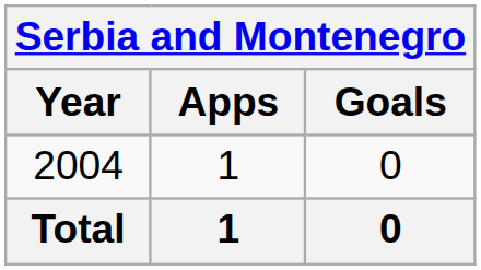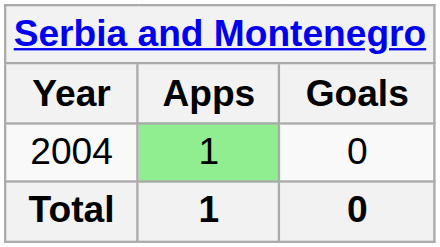 <table class="wikitable" style="text-align:center">
 <tr>
 <th colspan=3><a href='#'>Serbia and Montenegro</a></th>
 </tr>
 <tr>
 <th>Year</th>
 <th>Apps</th>
 <th>Goals</th>
 </tr>
 <tr>
 <td>2004</td>
-<td>1</td>
+<td style="background: lightgreen;">1</td>
 <td>0</td>
 </tr>
 <tr>
 <th>Total</th>
 <th>1</th>
 <th>0</th>
 </tr>
 </table>
